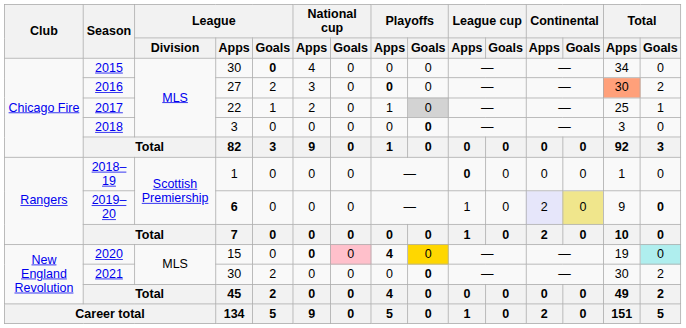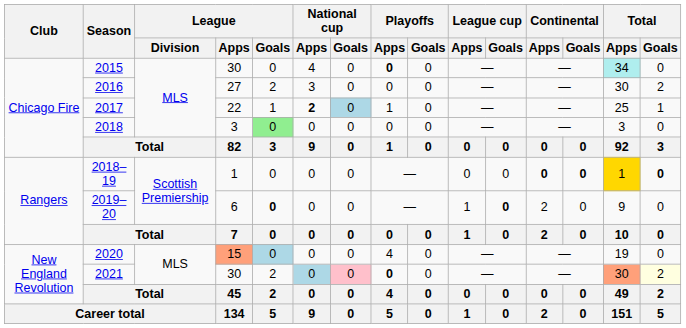 <table class="wikitable" style="text-align: center;">
 <tr>
 <th rowspan="2">Club</th>
 <th rowspan="2">Season</th>
 <th colspan="3">League</th>
 <th colspan="2">National cup</th>
 <th colspan="2">Playoffs</th>
 <th colspan="2">League cup</th>
 <th colspan="2">Continental</th>
 <th colspan="2">Total</th>
 </tr>
 <tr>
 <th>Division</th>
 <th>Apps</th>
 <th>Goals</th>
 <th>Apps</th>
 <th>Goals</th>
 <th>Apps</th>
 <th>Goals</th>
 <th>Apps</th>
 <th>Goals</th>
 <th>Apps</th>
 <th>Goals</th>
 <th>Apps</th>
 <th>Goals</th>
 </tr>
 <tr>
 <td rowspan="5"><a href='#'>Chicago Fire</a></td>
 <td><a href='#'>2015</a></td>
 <td rowspan="4"><a href='#'>MLS</a></td>
 <td>30</td>
-<td><strong>0</strong></td>
+<td>0</td>
 <td>4</td>
 <td>0</td>
-<td>0</td>
+<td><strong>0</strong></td>
 <td>0</td>
 <td colspan="2">—</td>
 <td colspan="2">—</td>
-<td>34</td>
+<td style="background: paleturquoise;">34</td>
 <td>0</td>
 </tr>
 <tr>
 <td><a href='#'>2016</a></td>
 <td>27</td>
 <td>2</td>
 <td>3</td>
 <td>0</td>
-<td><strong>0</strong></td>
+<td>0</td>
 <td>0</td>
 <td colspan="2">—</td>
 <td colspan="2">—</td>
-<td style="background: lightsalmon;">30</td>
+<td>30</td>
 <td>2</td>
 </tr>
 <tr>
 <td><a href='#'>2017</a></td>
 <td>22</td>
 <td>1</td>
-<td>2</td>
+<td><strong>2</strong></td>
+<td style="background: lightblue;">0</td>
+<td>1</td>
 <td>0</td>
-<td>1</td>
-<td style="background: lightgrey;">0</td>
 <td colspan="2">—</td>
 <td colspan="2">—</td>
 <td>25</td>
 <td>1</td>
 </tr>
 <tr>
 <td><a href='#'>2018</a></td>
 <td>3</td>
+<td style="background: lightgreen;">0</td>
 <td>0</td>
 <td>0</td>
 <td>0</td>
 <td>0</td>
-<td><strong>0</strong></td>
 <td colspan="2">—</td>
 <td colspan="2">—</td>
 <td>3</td>
 <td>0</td>
 </tr>
 <tr>
 <th colspan="2">Total</th>
 <th>82</th>
 <th>3</th>
 <th>9</th>
 <th>0</th>
 <th>1</th>
 <th>0</th>
 <th>0</th>
 <th>0</th>
 <th>0</th>
 <th>0</th>
 <th>92</th>
 <th>3</th>
 </tr>
 <tr>
 <td rowspan="3"><a href='#'>Rangers</a></td>
 <td><a href='#'>2018–19</a></td>
 <td rowspan="2"><a href='#'>Scottish Premiership</a></td>
 <td>1</td>
 <td>0</td>
 <td>0</td>
 <td>0</td>
 <td colspan="2">—</td>
-<td><strong>0</strong></td>
 <td>0</td>
 <td>0</td>
-<td>0</td>
-<td>1</td>
-<td>0</td>
+<td><strong>0</strong></td>
+<td><strong>0</strong></td>
+<td style="background: gold;">1</td>
+<td><strong>0</strong></td>
 </tr>
 <tr>
 <td><a href='#'>2019–20</a></td>
-<td><strong>6</strong></td>
-<td>0</td>
+<td>6</td>
+<td><strong>0</strong></td>
 <td>0</td>
 <td>0</td>
 <td colspan="2">—</td>
 <td>1</td>
+<td><strong>0</strong></td>
+<td>2</td>
 <td>0</td>
-<td style="background: lavender;">2</td>
-<td style="background: khaki;">0</td>
 <td>9</td>
-<td><strong>0</strong></td>
+<td>0</td>
 </tr>
 <tr>
 <th colspan="2">Total</th>
 <th>7</th>
 <th>0</th>
 <th>0</th>
 <th>0</th>
 <th>0</th>
 <th>0</th>
 <th>1</th>
 <th>0</th>
 <th>2</th>
 <th>0</th>
 <th>10</th>
 <th>0</th>
 </tr>
 <tr>
 <td rowspan="3"><a href='#'>New England Revolution</a></td>
 <td><a href='#'>2020</a></td>
 <td rowspan="2">MLS</td>
-<td>15</td>
+<td style="background: lightsalmon;">15</td>
+<td style="background: lightblue;">0</td>
 <td>0</td>
-<td><strong>0</strong></td>
-<td style="background: pink;">0</td>
-<td><strong>4</strong></td>
-<td style="background: gold;">0</td>
+<td>0</td>
+<td>4</td>
+<td>0</td>
 <td colspan="2">—</td>
 <td colspan="2">—</td>
 <td>19</td>
-<td style="background: paleturquoise;">0</td>
+<td>0</td>
 </tr>
 <tr>
 <td><a href='#'>2021</a></td>
 <td>30</td>
 <td>2</td>
+<td style="background: lightblue;">0</td>
+<td style="background: pink;">0</td>
+<td><strong>0</strong></td>
 <td>0</td>
-<td>0</td>
-<td>0</td>
-<td><strong>0</strong></td>
 <td colspan="2">—</td>
 <td colspan="2">—</td>
-<td>30</td>
-<td>2</td>
+<td style="background: lightsalmon;">30</td>
+<td style="background: lightyellow;">2</td>
 </tr>
 <tr>
 <th colspan="2">Total</th>
 <th>45</th>
 <th>2</th>
 <th>0</th>
 <th>0</th>
 <th>4</th>
 <th>0</th>
 <th>0</th>
 <th>0</th>
 <th>0</th>
 <th>0</th>
 <th>49</th>
 <th>2</th>
 </tr>
 <tr>
 <th colspan="3">Career total</th>
 <th>134</th>
 <th>5</th>
 <th>9</th>
 <th>0</th>
 <th>5</th>
 <th>0</th>
 <th>1</th>
 <th>0</th>
 <th>2</th>
 <th>0</th>
 <th>151</th>
 <th>5</th>
 </tr>
 </table>
